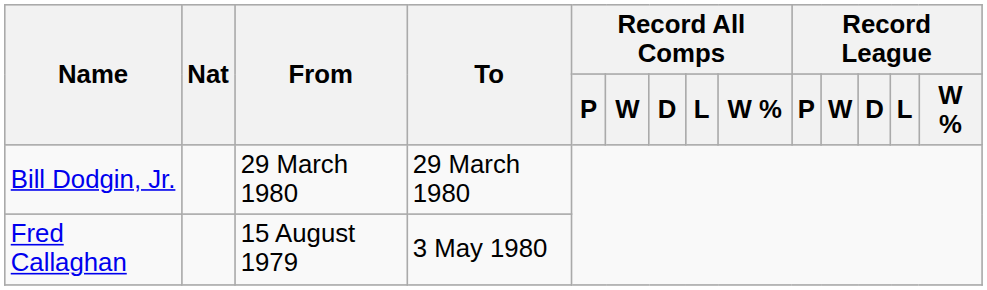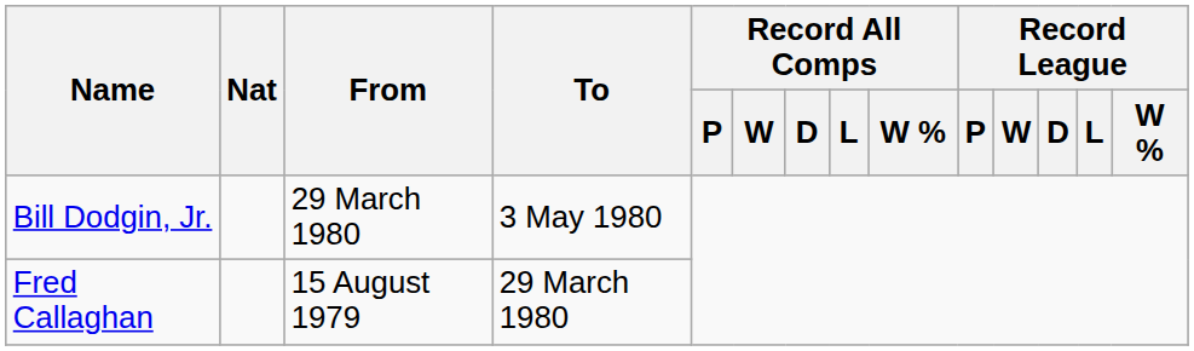 <table style="text-align: center" class="wikitable">
 <tr>
 <th rowspan="2">Name</th>
 <th rowspan="2">Nat</th>
 <th rowspan="2">From</th>
 <th rowspan="2">To</th>
 <th colspan="5">Record All Comps</th>
 <th colspan="5">Record League</th>
 </tr>
 <tr>
 <th>P</th>
 <th>W</th>
 <th>D</th>
 <th>L</th>
 <th>W %</th>
 <th>P</th>
 <th>W</th>
 <th>D</th>
 <th>L</th>
 <th>W %</th>
 </tr>
 <tr>
 <td style="text-align:left;"><a href='#'>Bill Dodgin, Jr.</a></td>
 <td></td>
 <td style="text-align:left;">29 March 1980</td>
-<td style="text-align:left;">29 March 1980<br> </td>
+<td style="text-align:left;">3 May 1980<br> </td>
 </tr>
 <tr>
 <td style="text-align:left;"><a href='#'>Fred Callaghan</a></td>
 <td></td>
 <td style="text-align:left;">15 August 1979</td>
-<td style="text-align:left;">3 May 1980<br> </td>
+<td style="text-align:left;">29 March 1980<br> </td>
 </tr>
 </table>
